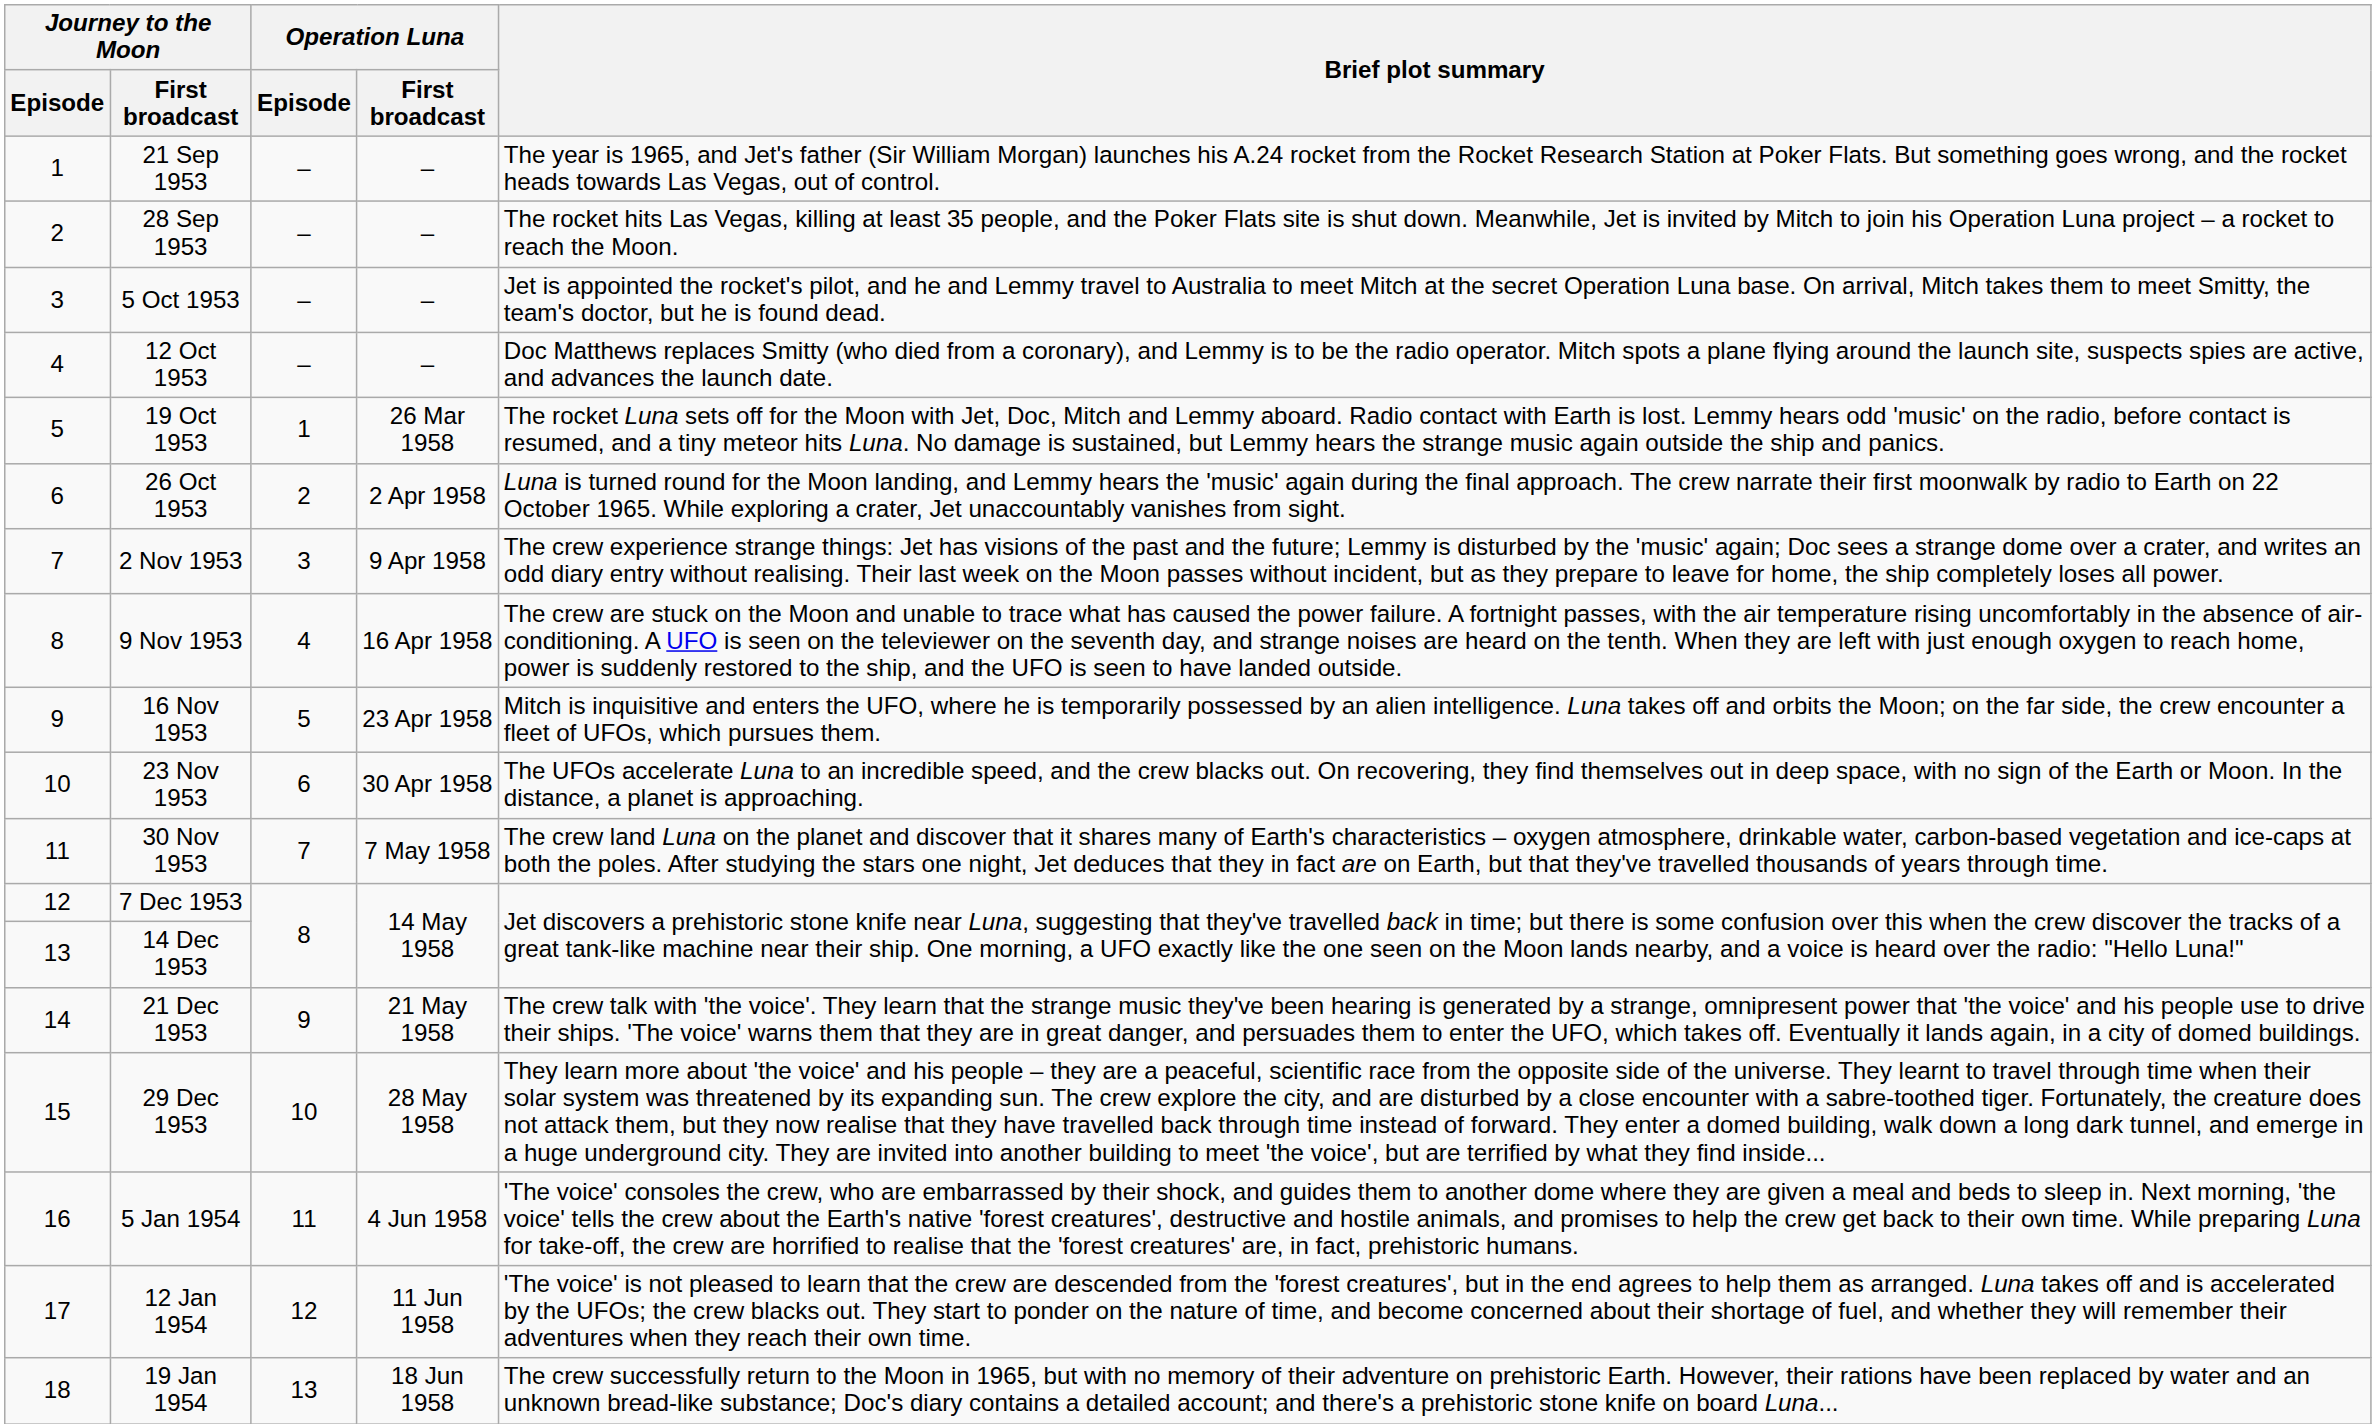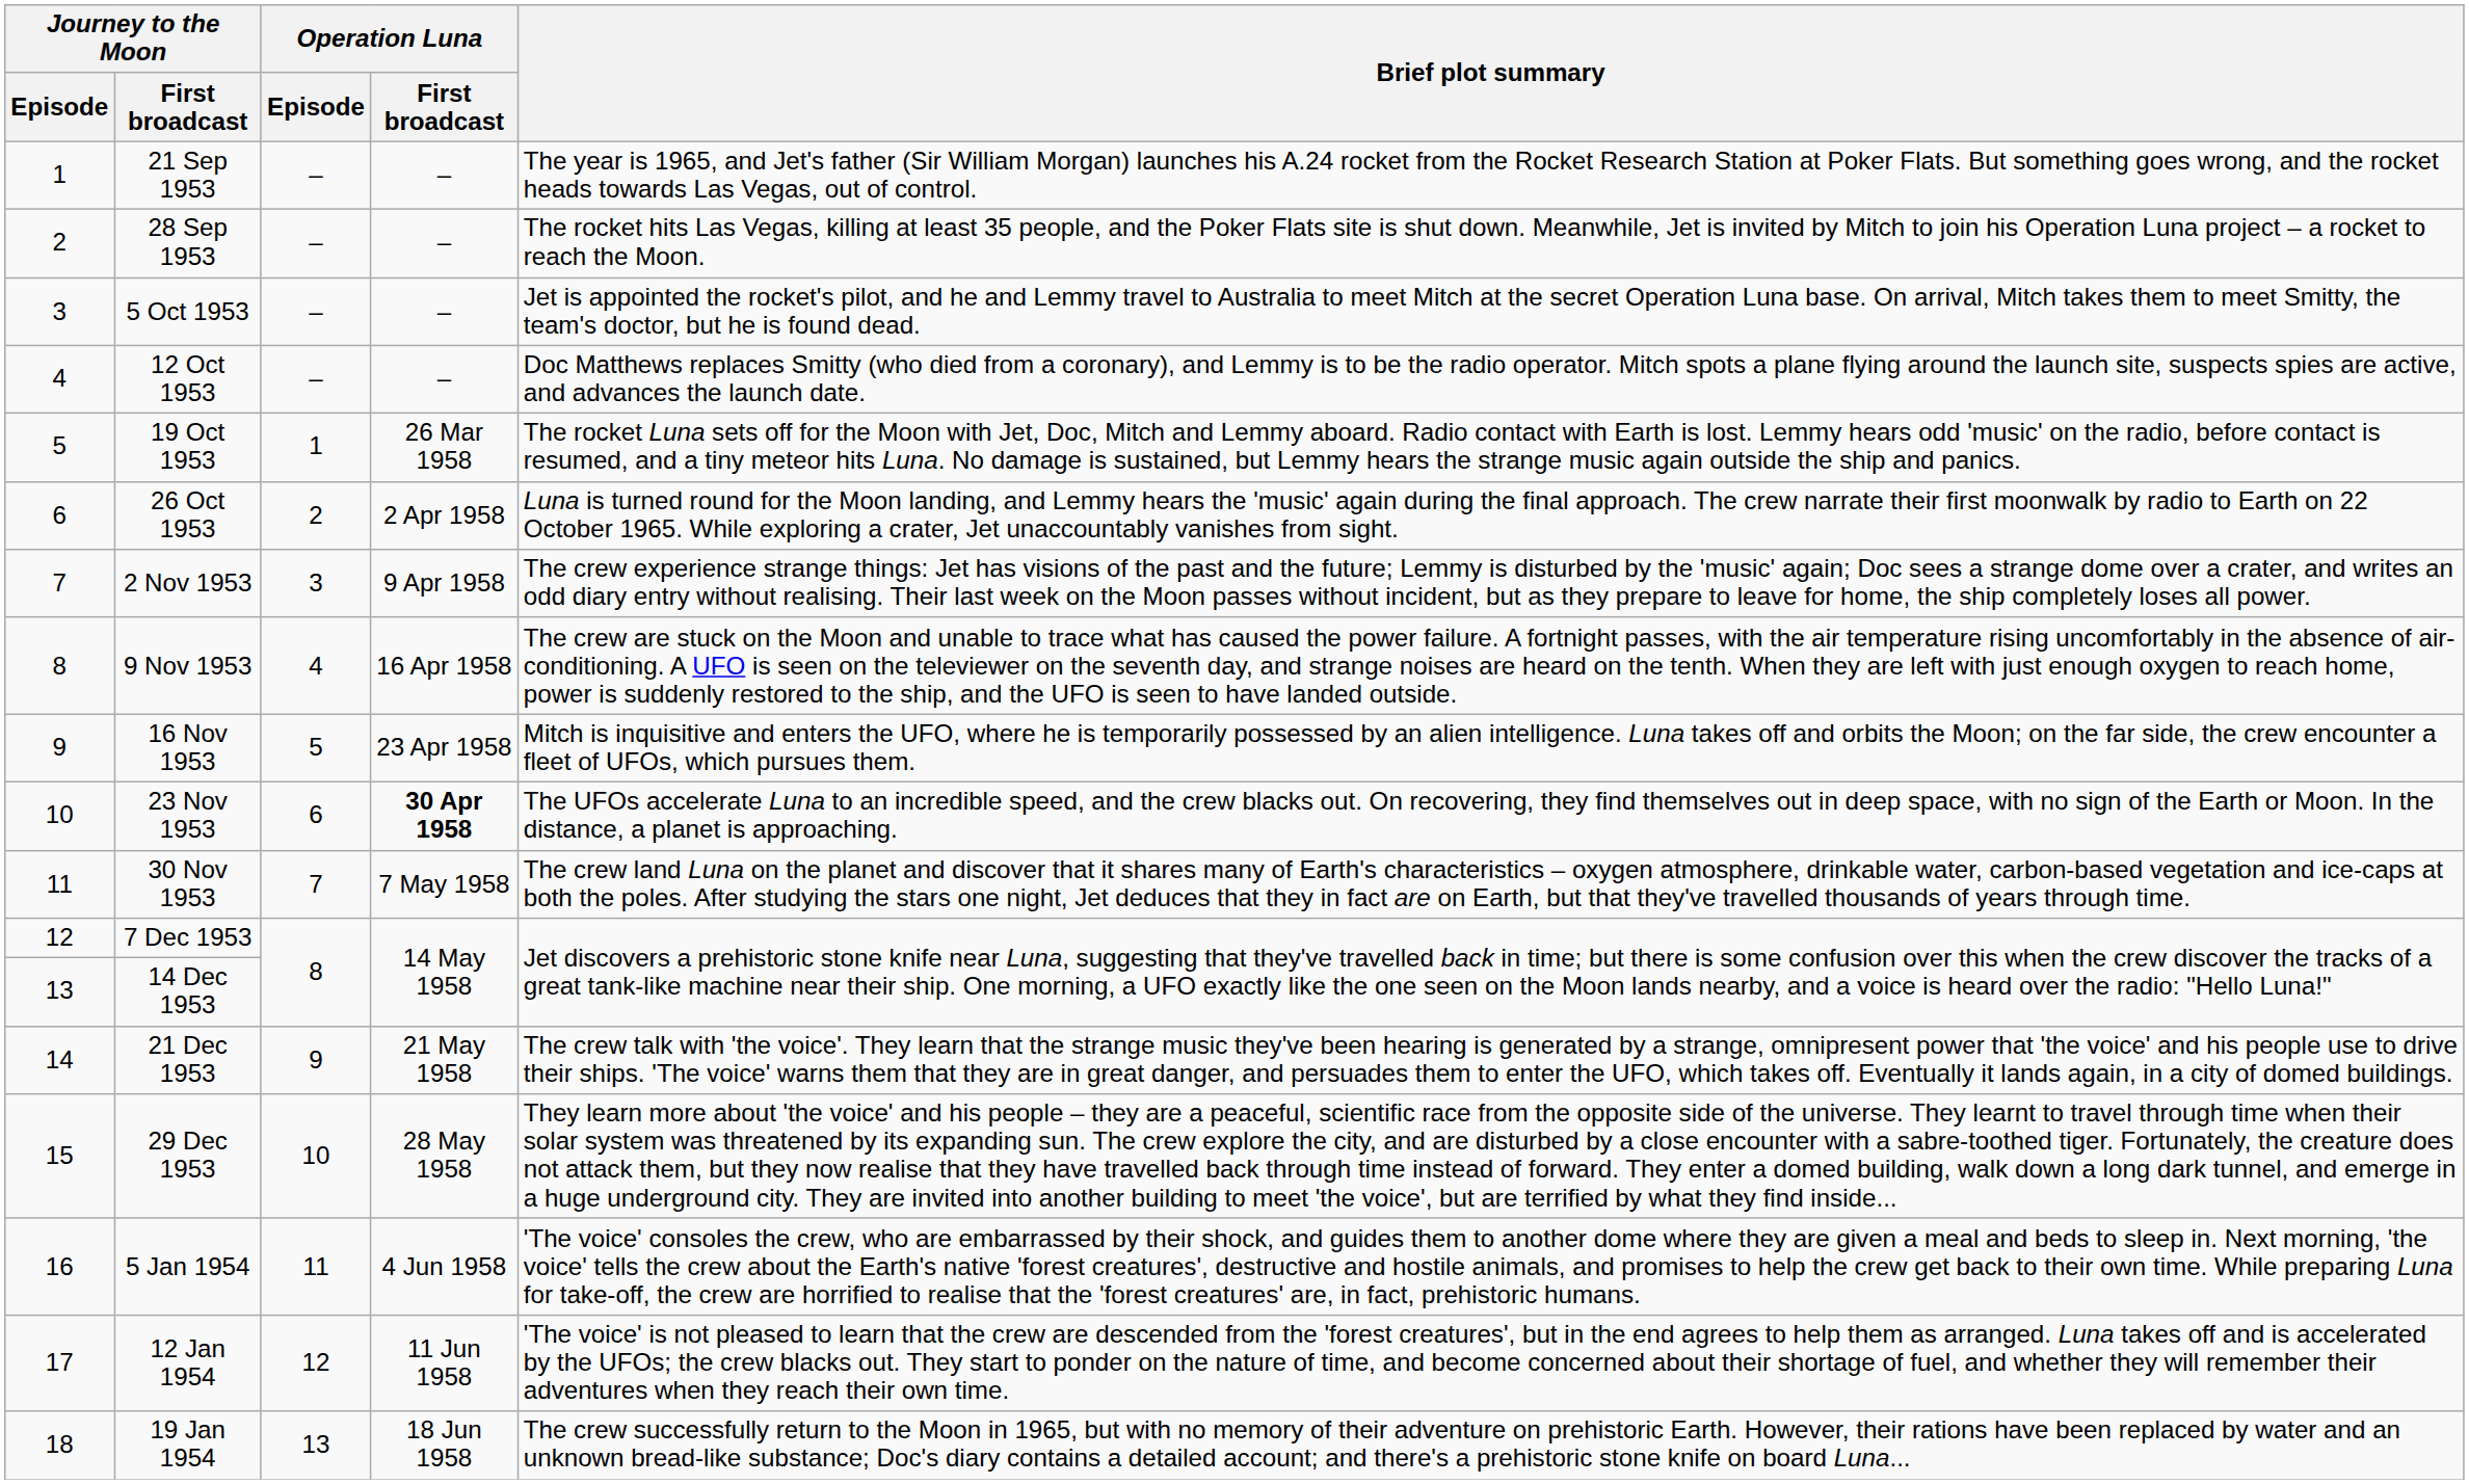 <table class="wikitable">
 <tr>
 <th colspan="2"><em>Journey to the Moon</em></th>
 <th colspan="2"><em>Operation Luna</em></th>
 <th rowspan="2">Brief plot summary</th>
 </tr>
 <tr>
 <th>Episode</th>
 <th>First broadcast</th>
 <th>Episode</th>
 <th>First broadcast</th>
 </tr>
 <tr>
 <td align="center">1</td>
 <td align="center">21 Sep 1953</td>
 <td align="center">–</td>
 <td align="center">–</td>
 <td>The year is 1965, and Jet's father (Sir William Morgan) launches his A.24 rocket from the Rocket Research Station at Poker Flats. But something goes wrong, and the rocket heads towards Las Vegas, out of control.</td>
 </tr>
 <tr>
 <td align="center">2</td>
 <td align="center">28 Sep 1953</td>
 <td align="center">–</td>
 <td align="center">–</td>
 <td>The rocket hits Las Vegas, killing at least 35 people, and the Poker Flats site is shut down. Meanwhile, Jet is invited by Mitch to join his Operation Luna project – a rocket to reach the Moon.</td>
 </tr>
 <tr>
 <td align="center">3</td>
 <td align="center">5 Oct 1953</td>
 <td align="center">–</td>
 <td align="center">–</td>
 <td>Jet is appointed the rocket's pilot, and he and Lemmy travel to Australia to meet Mitch at the secret Operation Luna base. On arrival, Mitch takes them to meet Smitty, the team's doctor, but he is found dead.</td>
 </tr>
 <tr>
 <td align="center">4</td>
 <td align="center">12 Oct 1953</td>
 <td align="center">–</td>
 <td align="center">–</td>
 <td>Doc Matthews replaces Smitty (who died from a coronary), and Lemmy is to be the radio operator. Mitch spots a plane flying around the launch site, suspects spies are active, and advances the launch date.</td>
 </tr>
 <tr>
 <td align="center">5</td>
 <td align="center">19 Oct 1953</td>
 <td align="center">1</td>
 <td align="center">26 Mar 1958</td>
 <td>The rocket <em>Luna</em> sets off for the Moon with Jet, Doc, Mitch and Lemmy aboard. Radio contact with Earth is lost. Lemmy hears odd 'music' on the radio, before contact is resumed, and a tiny meteor hits <em>Luna</em>. No damage is sustained, but Lemmy hears the strange music again outside the ship and panics.</td>
 </tr>
 <tr>
 <td align="center">6</td>
 <td align="center">26 Oct 1953</td>
 <td align="center">2</td>
 <td align="center">2 Apr 1958</td>
 <td><em>Luna</em> is turned round for the Moon landing, and Lemmy hears the 'music' again during the final approach. The crew narrate their first moonwalk by radio to Earth on 22 October 1965. While exploring a crater, Jet unaccountably vanishes from sight.</td>
 </tr>
 <tr>
 <td align="center">7</td>
 <td align="center">2 Nov 1953</td>
 <td align="center">3</td>
 <td align="center">9 Apr 1958</td>
 <td>The crew experience strange things: Jet has visions of the past and the future; Lemmy is disturbed by the 'music' again; Doc sees a strange dome over a crater, and writes an odd diary entry without realising. Their last week on the Moon passes without incident, but as they prepare to leave for home, the ship completely loses all power.</td>
 </tr>
 <tr>
 <td align="center">8</td>
 <td align="center">9 Nov 1953</td>
 <td align="center">4</td>
 <td align="center">16 Apr 1958</td>
 <td>The crew are stuck on the Moon and unable to trace what has caused the power failure. A fortnight passes, with the air temperature rising uncomfortably in the absence of air-conditioning. A <a href='#'>UFO</a> is seen on the televiewer on the seventh day, and strange noises are heard on the tenth. When they are left with just enough oxygen to reach home, power is suddenly restored to the ship, and the UFO is seen to have landed outside.</td>
 </tr>
 <tr>
 <td align="center">9</td>
 <td align="center">16 Nov 1953</td>
 <td align="center">5</td>
 <td align="center">23 Apr 1958</td>
 <td>Mitch is inquisitive and enters the UFO, where he is temporarily possessed by an alien intelligence. <em>Luna</em> takes off and orbits the Moon; on the far side, the crew encounter a fleet of UFOs, which pursues them.</td>
 </tr>
 <tr>
 <td align="center">10</td>
 <td align="center">23 Nov 1953</td>
 <td align="center">6</td>
-<td align="center">30 Apr 1958</td>
+<td align="center"><strong>30 Apr 1958</strong></td>
 <td>The UFOs accelerate <em>Luna</em> to an incredible speed, and the crew blacks out. On recovering, they find themselves out in deep space, with no sign of the Earth or Moon. In the distance, a planet is approaching.</td>
 </tr>
 <tr>
 <td align="center">11</td>
 <td align="center">30 Nov 1953</td>
 <td align="center">7</td>
 <td align="center">7 May 1958</td>
 <td>The crew land <em>Luna</em> on the planet and discover that it shares many of Earth's characteristics – oxygen atmosphere, drinkable water, carbon-based vegetation and ice-caps at both the poles. After studying the stars one night, Jet deduces that they in fact <em>are</em> on Earth, but that they've travelled thousands of years through time.</td>
 </tr>
 <tr>
 <td align="center">12</td>
 <td align="center">7 Dec 1953</td>
 <td rowspan="2" align="center">8</td>
 <td rowspan="2" align="center">14 May 1958</td>
 <td rowspan="2">Jet discovers a prehistoric stone knife near <em>Luna</em>, suggesting that they've travelled <em>back</em> in time; but there is some confusion over this when the crew discover the tracks of a great tank-like machine near their ship. One morning, a UFO exactly like the one seen on the Moon lands nearby, and a voice is heard over the radio: "Hello Luna!"</td>
 </tr>
 <tr>
 <td align="center">13</td>
 <td align="center">14 Dec 1953</td>
 </tr>
 <tr>
 <td align="center">14</td>
 <td align="center">21 Dec 1953</td>
 <td align="center">9</td>
 <td align="center">21 May 1958</td>
 <td>The crew talk with 'the voice'. They learn that the strange music they've been hearing is generated by a strange, omnipresent power that 'the voice' and his people use to drive their ships. 'The voice' warns them that they are in great danger, and persuades them to enter the UFO, which takes off. Eventually it lands again, in a city of domed buildings.</td>
 </tr>
 <tr>
 <td align="center">15</td>
 <td align="center">29 Dec 1953</td>
 <td align="center">10</td>
 <td align="center">28 May 1958</td>
 <td>They learn more about 'the voice' and his people – they are a peaceful, scientific race from the opposite side of the universe. They learnt to travel through time when their solar system was threatened by its expanding sun. The crew explore the city, and are disturbed by a close encounter with a sabre-toothed tiger. Fortunately, the creature does not attack them, but they now realise that they have travelled back through time instead of forward. They enter a domed building, walk down a long dark tunnel, and emerge in a huge underground city. They are invited into another building to meet 'the voice', but are terrified by what they find inside...</td>
 </tr>
 <tr>
 <td align="center">16</td>
 <td align="center">5 Jan 1954</td>
 <td align="center">11</td>
 <td align="center">4 Jun 1958</td>
 <td>'The voice' consoles the crew, who are embarrassed by their shock, and guides them to another dome where they are given a meal and beds to sleep in. Next morning, 'the voice' tells the crew about the Earth's native 'forest creatures', destructive and hostile animals, and promises to help the crew get back to their own time. While preparing <em>Luna</em> for take-off, the crew are horrified to realise that the 'forest creatures' are, in fact, prehistoric humans.</td>
 </tr>
 <tr>
 <td align="center">17</td>
 <td align="center">12 Jan 1954</td>
 <td align="center">12</td>
 <td align="center">11 Jun 1958</td>
 <td>'The voice' is not pleased to learn that the crew are descended from the 'forest creatures', but in the end agrees to help them as arranged. <em>Luna</em> takes off and is accelerated by the UFOs; the crew blacks out. They start to ponder on the nature of time, and become concerned about their shortage of fuel, and whether they will remember their adventures when they reach their own time.</td>
 </tr>
 <tr>
 <td align="center">18</td>
 <td align="center">19 Jan 1954</td>
 <td align="center">13</td>
 <td align="center">18 Jun 1958</td>
 <td>The crew successfully return to the Moon in 1965, but with no memory of their adventure on prehistoric Earth. However, their rations have been replaced by water and an unknown bread-like substance; Doc's diary contains a detailed account; and there's a prehistoric stone knife on board <em>Luna</em>...</td>
 </tr>
 </table>
